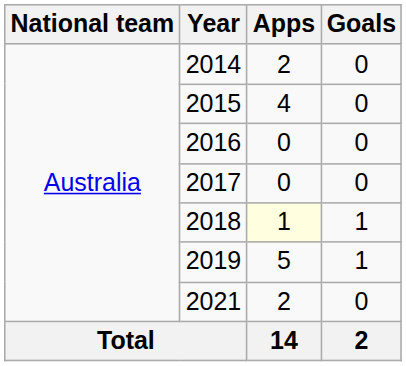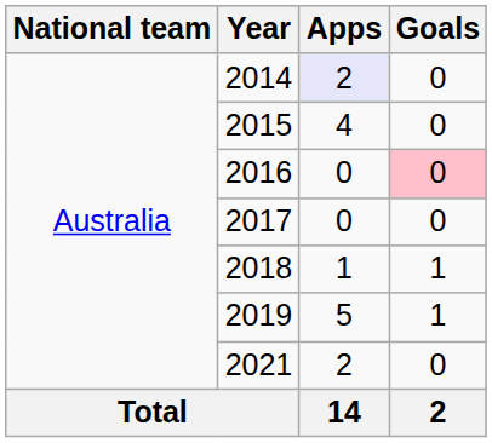 <table class="wikitable" style="text-align:center">
 <tr>
 <th>National team</th>
 <th>Year</th>
 <th>Apps</th>
 <th>Goals</th>
 </tr>
 <tr>
 <td rowspan="7"><a href='#'>Australia</a></td>
 <td>2014</td>
-<td>2</td>
+<td style="background: lavender;">2</td>
 <td>0</td>
 </tr>
 <tr>
 <td>2015</td>
 <td>4</td>
 <td>0</td>
 </tr>
 <tr>
 <td>2016</td>
 <td>0</td>
-<td>0</td>
+<td style="background: pink;">0</td>
 </tr>
 <tr>
 <td>2017</td>
 <td>0</td>
 <td>0</td>
 </tr>
 <tr>
 <td>2018</td>
-<td style="background: lightyellow;">1</td>
+<td>1</td>
 <td>1</td>
 </tr>
 <tr>
 <td>2019</td>
 <td>5</td>
 <td>1</td>
 </tr>
 <tr>
 <td>2021</td>
 <td>2</td>
 <td>0</td>
 </tr>
 <tr>
 <th colspan="2">Total</th>
 <th>14</th>
 <th>2</th>
 </tr>
 </table>
